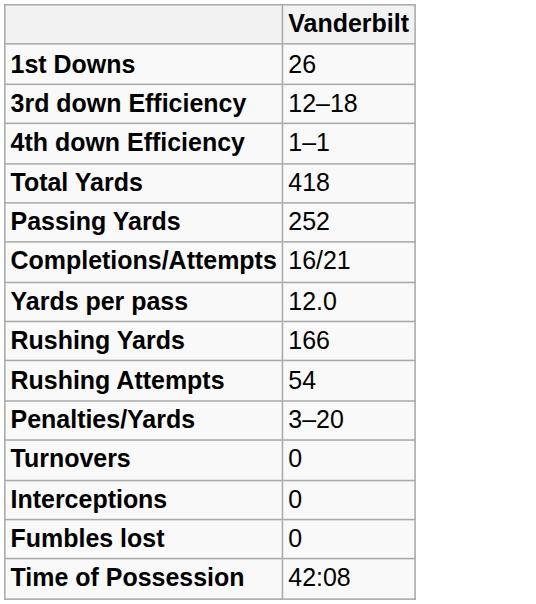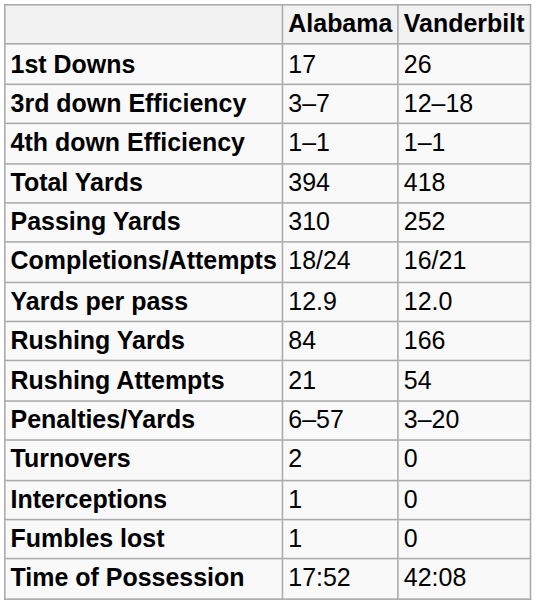 <table class="wikitable">
 <tr>
 <th></th>
+<th>Alabama</th>
 <th>Vanderbilt</th>
 </tr>
 <tr>
 <td><strong>1st Downs</strong></td>
+<td>17</td>
 <td>26</td>
 </tr>
 <tr>
 <td><strong>3rd down Efficiency</strong></td>
+<td>3–7</td>
 <td>12–18</td>
 </tr>
 <tr>
 <td><strong>4th down Efficiency</strong></td>
 <td>1–1</td>
+<td>1–1</td>
 </tr>
 <tr>
 <td><strong>Total Yards</strong></td>
+<td>394</td>
 <td>418</td>
 </tr>
 <tr>
 <td><strong>Passing Yards</strong></td>
+<td>310</td>
 <td>252</td>
 </tr>
 <tr>
 <td><strong>Completions/Attempts</strong></td>
+<td>18/24</td>
 <td>16/21</td>
 </tr>
 <tr>
 <td><strong>Yards per pass</strong></td>
+<td>12.9</td>
 <td>12.0</td>
 </tr>
 <tr>
 <td><strong>Rushing Yards</strong></td>
+<td>84</td>
 <td>166</td>
 </tr>
 <tr>
 <td><strong>Rushing Attempts</strong></td>
+<td>21</td>
 <td>54</td>
 </tr>
 <tr>
 <td><strong>Penalties/Yards</strong></td>
+<td>6–57</td>
 <td>3–20</td>
 </tr>
 <tr>
 <td><strong>Turnovers</strong></td>
+<td>2</td>
 <td>0</td>
 </tr>
 <tr>
 <td><strong>Interceptions</strong></td>
+<td>1</td>
 <td>0</td>
 </tr>
 <tr>
 <td><strong>Fumbles lost</strong></td>
+<td>1</td>
 <td>0</td>
 </tr>
 <tr>
 <td><strong>Time of Possession</strong></td>
+<td>17:52</td>
 <td>42:08</td>
 </tr>
 </table>
